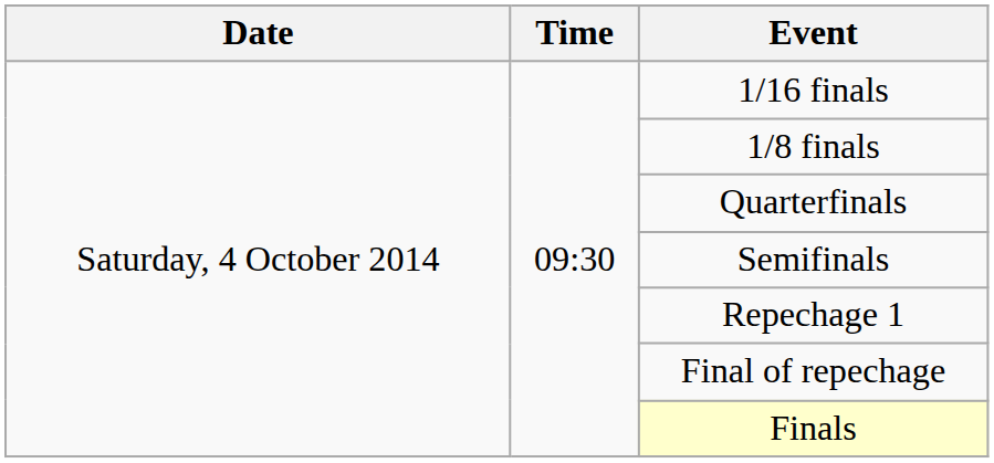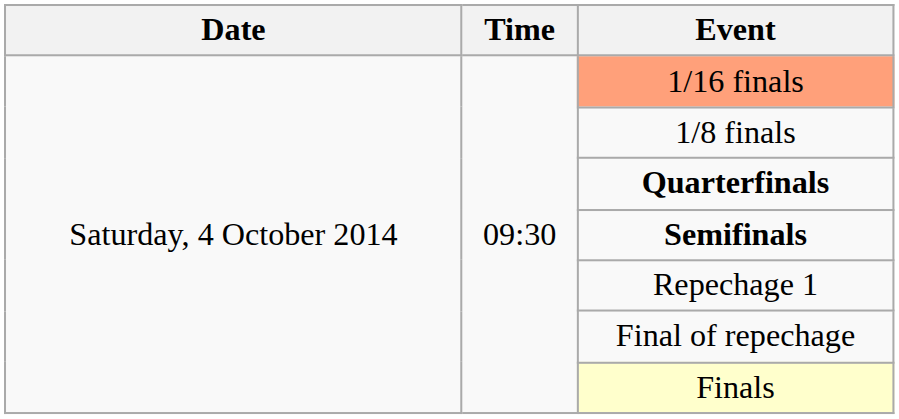 <table class = "wikitable" style="text-align:center;">
 <tr>
 <th width=220>Date</th>
 <th width=50>Time</th>
 <th width=150>Event</th>
 </tr>
 <tr>
 <td rowspan=7>Saturday, 4 October 2014</td>
 <td rowspan=7>09:30</td>
-<td>1/16 finals</td>
+<td style="background: lightsalmon;">1/16 finals</td>
 </tr>
 <tr>
 <td>1/8 finals</td>
 </tr>
 <tr>
-<td>Quarterfinals</td>
+<td><strong>Quarterfinals</strong></td>
 </tr>
 <tr>
-<td>Semifinals</td>
+<td><strong>Semifinals</strong></td>
 </tr>
 <tr>
 <td>Repechage 1</td>
 </tr>
 <tr>
 <td>Final of repechage</td>
 </tr>
 <tr>
 <td bgcolor=ffffcc>Finals</td>
 </tr>
 </table>
